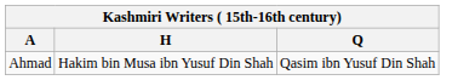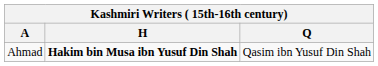 <table class="wikitable">
 <tr>
 <th colspan="3">Kashmiri <em></em> Writers ( 15th-16th century)</th>
 </tr>
 <tr>
 <th><strong>A</strong></th>
 <th><strong>H</strong></th>
 <th><strong>Q</strong></th>
 </tr>
 <tr>
 <td>Ahmad</td>
-<td>Hakim bin Musa ibn Yusuf Din Shah</td>
+<td><strong>Hakim bin Musa ibn Yusuf Din Shah</strong></td>
 <td>Qasim ibn Yusuf Din Shah</td>
 </tr>
 </table>
